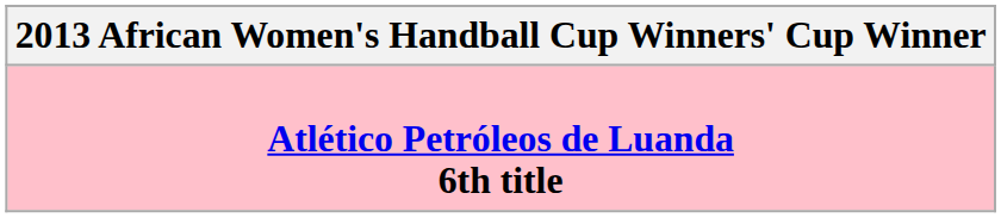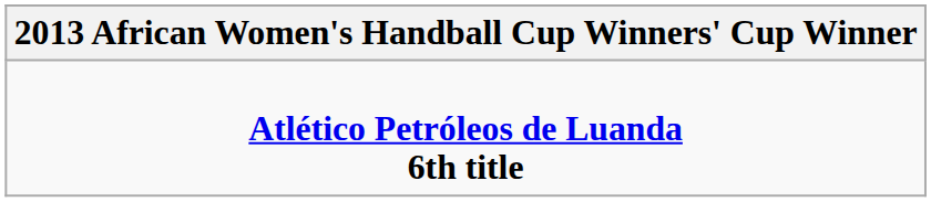 <table class=wikitable style="text-align:center; margin:auto">
 <tr>
 <th>2013 African Women's Handball Cup Winners' Cup Winner</th>
 </tr>
 <tr>
-<td style="background: pink;"><br><strong><a href='#'>Atlético Petróleos de Luanda</a></strong><br><strong>6th title</strong></td>
+<td><br><strong><a href='#'>Atlético Petróleos de Luanda</a></strong><br><strong>6th title</strong></td>
 </tr>
 </table>
